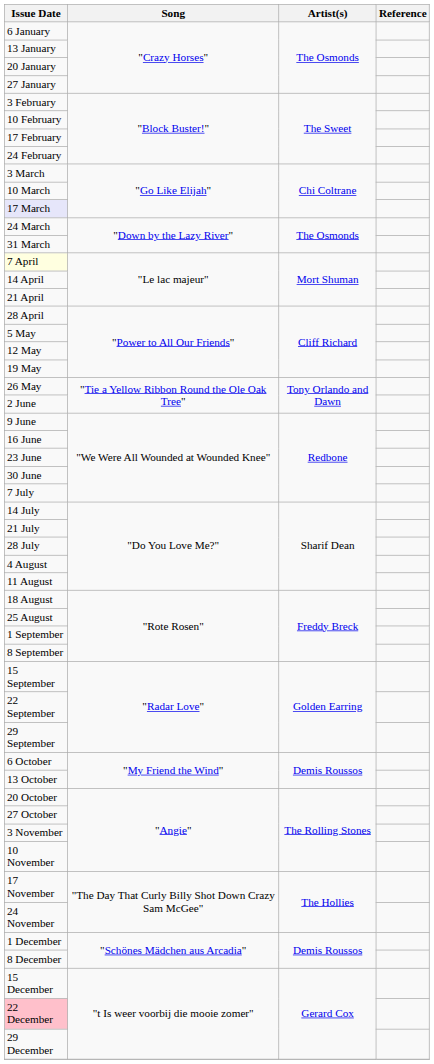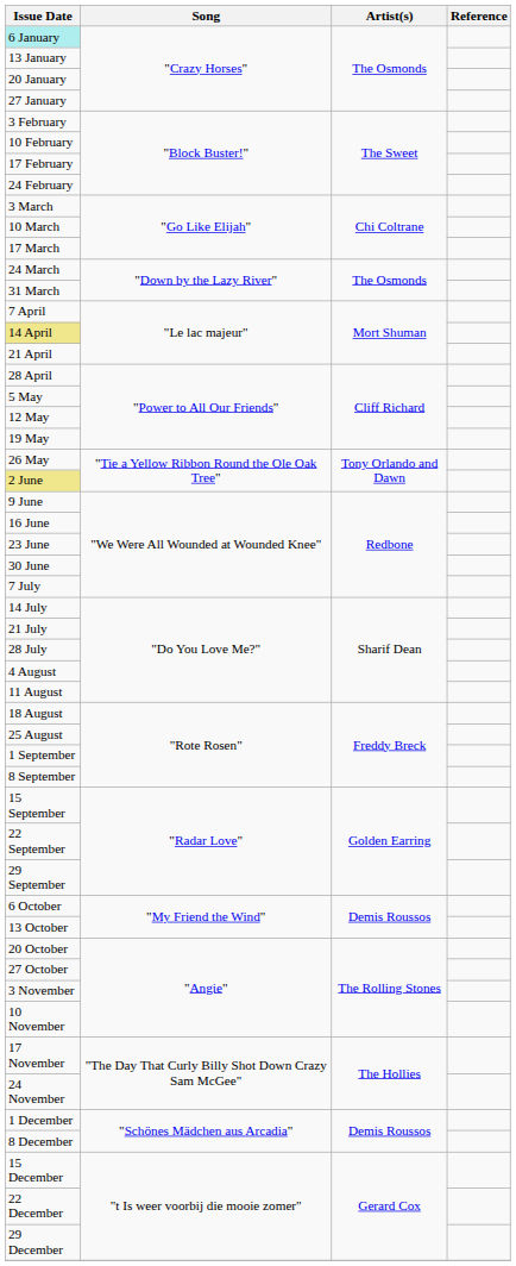 <table class="wikitable">
 <tr>
 <th align="center">Issue Date</th>
 <th align="center">Song</th>
 <th align="center">Artist(s)</th>
 <th align="center">Reference</th>
 </tr>
 <tr>
-<td>6 January</td>
+<td style="background: paleturquoise;">6 January</td>
 <td align="center" rowspan="4">"<a href='#'>Crazy Horses</a>"</td>
 <td align="center" rowspan="4"><a href='#'>The Osmonds</a></td>
 <td align="center"></td>
 </tr>
 <tr>
 <td>13 January</td>
 <td align="center"></td>
 </tr>
 <tr>
 <td>20 January</td>
 <td align="center"></td>
 </tr>
 <tr>
 <td>27 January</td>
 <td align="center"></td>
 </tr>
 <tr>
 <td>3 February</td>
 <td align="center" rowspan="4">"<a href='#'>Block Buster!</a>"</td>
 <td align="center" rowspan="4"><a href='#'>The Sweet</a></td>
 <td align="center"></td>
 </tr>
 <tr>
 <td>10 February</td>
 <td align="center"></td>
 </tr>
 <tr>
 <td>17 February</td>
 <td align="center"></td>
 </tr>
 <tr>
 <td>24 February</td>
 <td align="center"></td>
 </tr>
 <tr>
 <td>3 March</td>
 <td align="center" rowspan="3">"<a href='#'>Go Like Elijah</a>"</td>
 <td align="center" rowspan="3"><a href='#'>Chi Coltrane</a></td>
 <td align="center"></td>
 </tr>
 <tr>
 <td>10 March</td>
 <td align="center"></td>
 </tr>
 <tr>
-<td style="background: lavender;">17 March</td>
+<td>17 March</td>
 <td align="center"></td>
 </tr>
 <tr>
 <td>24 March</td>
 <td align="center" rowspan="2">"<a href='#'>Down by the Lazy River</a>"</td>
 <td align="center" rowspan="2"><a href='#'>The Osmonds</a></td>
 <td align="center"></td>
 </tr>
 <tr>
 <td>31 March</td>
 <td align="center"></td>
 </tr>
 <tr>
-<td style="background: lightyellow;">7 April</td>
+<td>7 April</td>
 <td align="center" rowspan="3">"Le lac majeur"</td>
 <td align="center" rowspan="3"><a href='#'>Mort Shuman</a></td>
 <td align="center"></td>
 </tr>
 <tr>
-<td>14 April</td>
+<td style="background: khaki;">14 April</td>
 <td align="center"></td>
 </tr>
 <tr>
 <td>21 April</td>
 <td align="center"></td>
 </tr>
 <tr>
 <td>28 April</td>
 <td align="center" rowspan="4">"<a href='#'>Power to All Our Friends</a>"</td>
 <td align="center" rowspan="4"><a href='#'>Cliff Richard</a></td>
 <td align="center"></td>
 </tr>
 <tr>
 <td>5 May</td>
 <td align="center"></td>
 </tr>
 <tr>
 <td>12 May</td>
 <td align="center"></td>
 </tr>
 <tr>
 <td>19 May</td>
 <td align="center"></td>
 </tr>
 <tr>
 <td>26 May</td>
 <td align="center" rowspan="2">"<a href='#'>Tie a Yellow Ribbon Round the Ole Oak Tree</a>"</td>
 <td align="center" rowspan="2"><a href='#'>Tony Orlando and Dawn</a></td>
 <td align="center"></td>
 </tr>
 <tr>
-<td>2 June</td>
+<td style="background: khaki;">2 June</td>
 <td align="center"></td>
 </tr>
 <tr>
 <td>9 June</td>
 <td align="center" rowspan="5">"We Were All Wounded at Wounded Knee"</td>
 <td align="center" rowspan="5"><a href='#'>Redbone</a></td>
 <td align="center"></td>
 </tr>
 <tr>
 <td>16 June</td>
 <td align="center"></td>
 </tr>
 <tr>
 <td>23 June</td>
 <td align="center"></td>
 </tr>
 <tr>
 <td>30 June</td>
 <td align="center"></td>
 </tr>
 <tr>
 <td>7 July</td>
 <td align="center"></td>
 </tr>
 <tr>
 <td>14 July</td>
 <td align="center" rowspan="5">"Do You Love Me?"</td>
 <td align="center" rowspan="5">Sharif Dean</td>
 <td align="center"></td>
 </tr>
 <tr>
 <td>21 July</td>
 <td align="center"></td>
 </tr>
 <tr>
 <td>28 July</td>
 <td align="center"></td>
 </tr>
 <tr>
 <td>4 August</td>
 <td align="center"></td>
 </tr>
 <tr>
 <td>11 August</td>
 <td align="center"></td>
 </tr>
 <tr>
 <td>18 August</td>
 <td align="center" rowspan="4">"Rote Rosen"</td>
 <td align="center" rowspan="4"><a href='#'>Freddy Breck</a></td>
 <td align="center"></td>
 </tr>
 <tr>
 <td>25 August</td>
 <td align="center"></td>
 </tr>
 <tr>
 <td>1 September</td>
 <td align="center"></td>
 </tr>
 <tr>
 <td>8 September</td>
 <td align="center"></td>
 </tr>
 <tr>
 <td>15 September</td>
 <td align="center" rowspan="3">"<a href='#'>Radar Love</a>"</td>
 <td align="center" rowspan="3"><a href='#'>Golden Earring</a></td>
 <td align="center"></td>
 </tr>
 <tr>
 <td>22 September</td>
 <td align="center"></td>
 </tr>
 <tr>
 <td>29 September</td>
 <td align="center"></td>
 </tr>
 <tr>
 <td>6 October</td>
 <td align="center" rowspan="2">"<a href='#'>My Friend the Wind</a>"</td>
 <td align="center" rowspan="2"><a href='#'>Demis Roussos</a></td>
 <td align="center"></td>
 </tr>
 <tr>
 <td>13 October</td>
 <td align="center"></td>
 </tr>
 <tr>
 <td>20 October</td>
 <td align="center" rowspan="4">"<a href='#'>Angie</a>"</td>
 <td align="center" rowspan="4"><a href='#'>The Rolling Stones</a></td>
 <td align="center"></td>
 </tr>
 <tr>
 <td>27 October</td>
 <td align="center"></td>
 </tr>
 <tr>
 <td>3 November</td>
 <td align="center"></td>
 </tr>
 <tr>
 <td>10 November</td>
 <td align="center"></td>
 </tr>
 <tr>
 <td>17 November</td>
 <td align="center" rowspan="2">"The Day That Curly Billy Shot Down Crazy Sam McGee"</td>
 <td align="center" rowspan="2"><a href='#'>The Hollies</a></td>
 <td align="center"></td>
 </tr>
 <tr>
 <td>24 November</td>
 <td align="center"></td>
 </tr>
 <tr>
 <td>1 December</td>
 <td align="center" rowspan="2">"<a href='#'>Schönes Mädchen aus Arcadia</a>"</td>
 <td align="center" rowspan="2"><a href='#'>Demis Roussos</a></td>
 <td align="center"></td>
 </tr>
 <tr>
 <td>8 December</td>
 <td align="center"></td>
 </tr>
 <tr>
 <td>15 December</td>
 <td align="center" rowspan="3">"t Is weer voorbij die mooie zomer"</td>
 <td align="center" rowspan="3"><a href='#'>Gerard Cox</a></td>
 <td align="center"></td>
 </tr>
 <tr>
-<td style="background: pink;">22 December</td>
+<td>22 December</td>
 <td align="center"></td>
 </tr>
 <tr>
 <td>29 December</td>
 <td align="center"></td>
 </tr>
 <tr>
 </tr>
 </table>
